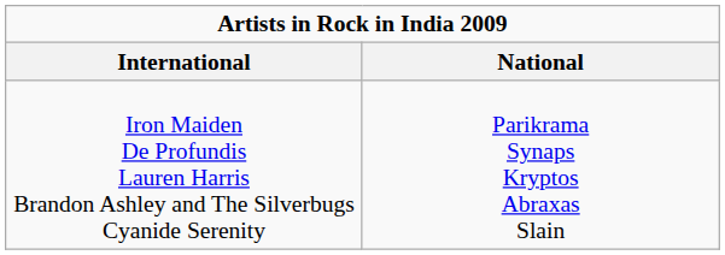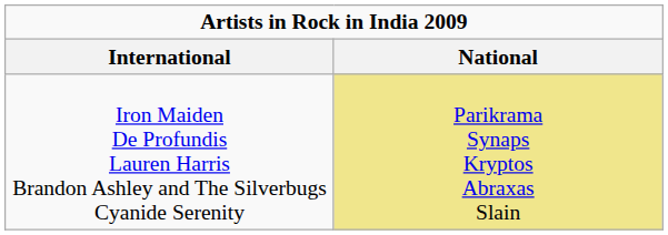 <table class="wikitable">
 <tr>
 <td colspan="3" align="center"><strong>Artists in Rock in India 2009</strong></td>
 </tr>
 <tr>
 <th>International</th>
 <th>National</th>
 </tr>
 <tr>
 <td valign="top" align="center" width=235><br><a href='#'>Iron Maiden</a><br> <a href='#'>De Profundis</a><br> <a href='#'>Lauren Harris</a><br> Brandon Ashley and The Silverbugs<br> Cyanide Serenity<br></td>
-<td valign="top" align="center" width=235><br><a href='#'>Parikrama</a><br> <a href='#'>Synaps</a><br> <a href='#'>Kryptos</a><br> <a href='#'>Abraxas</a><br> Slain</td>
+<td valign="top" align="center" width=235 style="background: khaki;"><br><a href='#'>Parikrama</a><br> <a href='#'>Synaps</a><br> <a href='#'>Kryptos</a><br> <a href='#'>Abraxas</a><br> Slain</td>
 </tr>
 </table>
